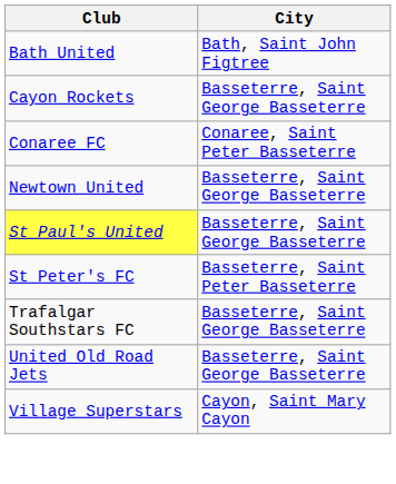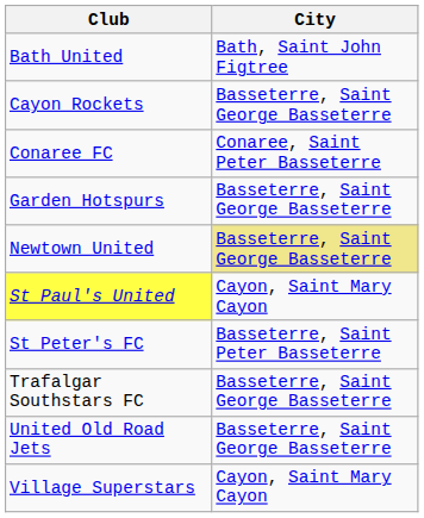 <table class="wikitable">
 <tr>
 <th width="150px">Club</th>
 <th width="150px">City</th>
 </tr>
 <tr>
 <td><a href='#'>Bath United</a></td>
 <td><a href='#'>Bath</a>, <a href='#'>Saint John Figtree</a></td>
 </tr>
 <tr>
 <td><a href='#'>Cayon Rockets</a></td>
 <td><a href='#'>Basseterre</a>, <a href='#'>Saint George Basseterre</a></td>
 </tr>
 <tr>
 <td><a href='#'>Conaree FC</a></td>
 <td><a href='#'>Conaree</a>, <a href='#'>Saint Peter Basseterre</a></td>
 </tr>
 <tr>
-<td><a href='#'>Newtown United</a></td>
+<td><a href='#'>Garden Hotspurs</a></td>
 <td><a href='#'>Basseterre</a>, <a href='#'>Saint George Basseterre</a></td>
 </tr>
 <tr>
+<td><a href='#'>Newtown United</a></td>
+<td style="background: khaki;"><a href='#'>Basseterre</a>, <a href='#'>Saint George Basseterre</a></td>
+</tr>
+<tr>
 <td style="background:#FFFF44"><em><a href='#'>St Paul's United</a></em></td>
-<td><a href='#'>Basseterre</a>, <a href='#'>Saint George Basseterre</a></td>
+<td><a href='#'>Cayon</a>, <a href='#'>Saint Mary Cayon</a></td>
 </tr>
 <tr>
 <td><a href='#'>St Peter's FC</a></td>
 <td><a href='#'>Basseterre</a>, <a href='#'>Saint Peter Basseterre</a></td>
 </tr>
 <tr>
 <td>Trafalgar Southstars FC</td>
 <td><a href='#'>Basseterre</a>, <a href='#'>Saint George Basseterre</a></td>
 </tr>
 <tr>
 <td><a href='#'>United Old Road Jets</a></td>
 <td><a href='#'>Basseterre</a>, <a href='#'>Saint George Basseterre</a></td>
 </tr>
 <tr>
 <td><a href='#'>Village Superstars</a></td>
 <td><a href='#'>Cayon</a>, <a href='#'>Saint Mary Cayon</a></td>
 </tr>
 </table>
